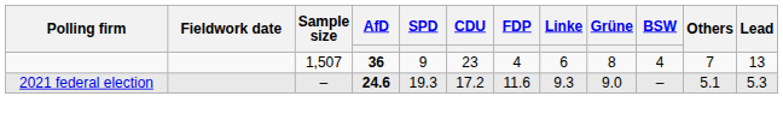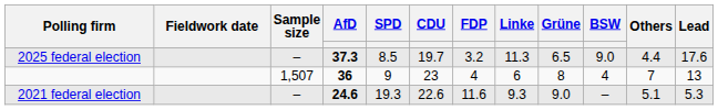 <table class="wikitable sortable mw-datatable mw-collapsible" style="text-align:center;font-size:90%;line-height:14px;">
 <tr style="height:40px;">
 <th style="width:155px;" rowspan="2">Polling firm</th>
 <th style="width:120px;" rowspan="2">Fieldwork date</th>
 <th style="width: 35px;" rowspan="2">Sample<br>size</th>
 <th class="unsortable" style="width:40px;"><a href='#'>AfD</a></th>
 <th class="unsortable" style="width:40px;"><a href='#'>SPD</a></th>
 <th class="unsortable" style="width:40px;"><a href='#'>CDU</a></th>
 <th class="unsortable" style="width:40px;"><a href='#'>FDP</a></th>
 <th class="unsortable" style="width:40px;"><a href='#'>Linke</a></th>
 <th class="unsortable" style="width:40px;"><a href='#'>Grüne</a></th>
 <th class="unsortable" style="width:40px;"><a href='#'>BSW</a></th>
 <th rowspan="2" class="unsortable" style="width:30px;">Others</th>
 <th style="width:30px;" rowspan="2">Lead</th>
 </tr>
 <tr>
 <th style="background:"></th>
 <th style="background:"></th>
 <th style="background:"></th>
 <th style="background:"></th>
 <th style="background:"></th>
 <th style="background:"></th>
 <th style="background:"></th>
 </tr>
+<tr style="background:#E9E9E9;">
+<td><a href='#'>2025 federal election</a></td>
+<td></td>
+<td>–</td>
+<td><strong>37.3</strong></td>
+<td>8.5</td>
+<td>19.7</td>
+<td>3.2</td>
+<td>11.3</td>
+<td>6.5</td>
+<td>9.0</td>
+<td>4.4</td>
+<td style="background:">17.6</td>
+</tr>
 <tr>
 <td></td>
 <td></td>
 <td>1,507</td>
 <td><strong>36</strong></td>
 <td>9</td>
 <td>23</td>
 <td>4</td>
 <td>6</td>
 <td>8</td>
 <td>4</td>
 <td>7</td>
 <td style="background:">13</td>
 </tr>
 <tr style="background:#E9E9E9;">
 <td><a href='#'>2021 federal election</a></td>
 <td></td>
 <td>–</td>
 <td><strong>24.6</strong></td>
 <td>19.3</td>
-<td>17.2</td>
+<td>22.6</td>
 <td>11.6</td>
 <td>9.3</td>
 <td>9.0</td>
 <td>–</td>
 <td>5.1</td>
 <td style="background:">5.3</td>
 </tr>
 </table>
